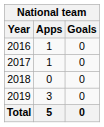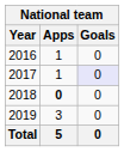 <table class="wikitable" style="text-align:center">
 <tr>
 <th colspan=3>National team</th>
 </tr>
 <tr>
 <th>Year</th>
 <th>Apps</th>
 <th>Goals</th>
 </tr>
 <tr>
 <td>2016</td>
 <td>1</td>
 <td>0</td>
 </tr>
 <tr>
 <td>2017</td>
 <td>1</td>
-<td>0</td>
+<td style="background: lavender;">0</td>
 </tr>
 <tr>
 <td>2018</td>
-<td>0</td>
+<td><strong>0</strong></td>
 <td>0</td>
 </tr>
 <tr>
 <td>2019</td>
 <td>3</td>
 <td>0</td>
 </tr>
 <tr>
 <th>Total</th>
 <th>5</th>
 <th>0</th>
 </tr>
 </table>
